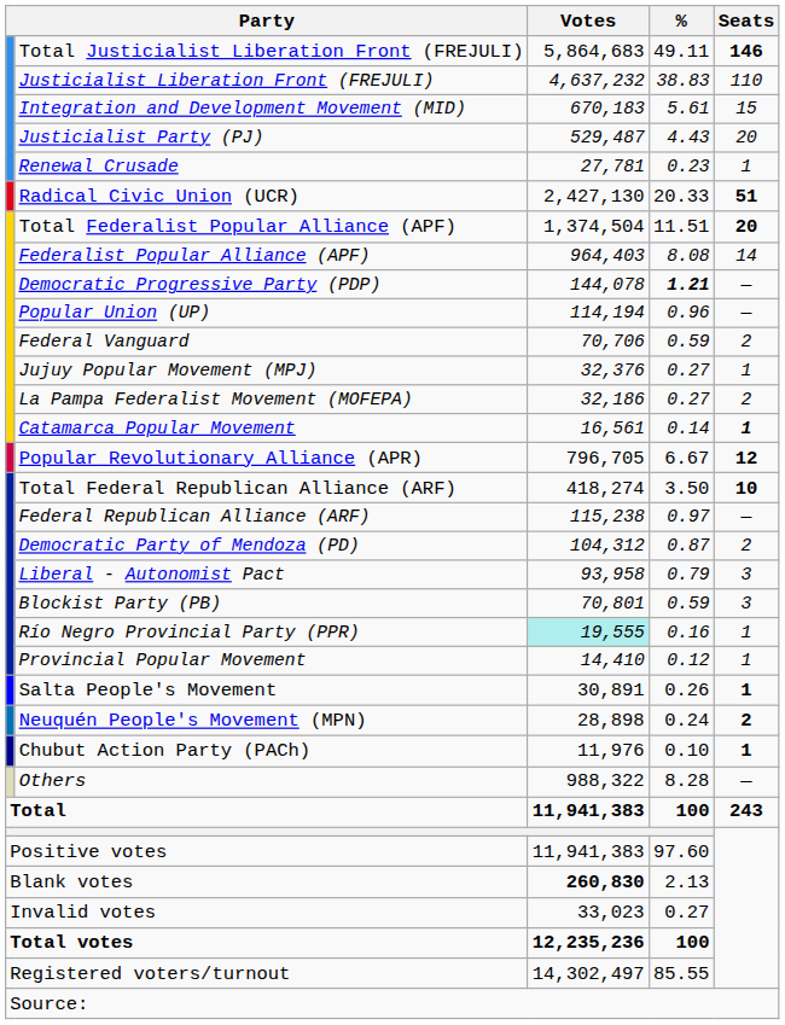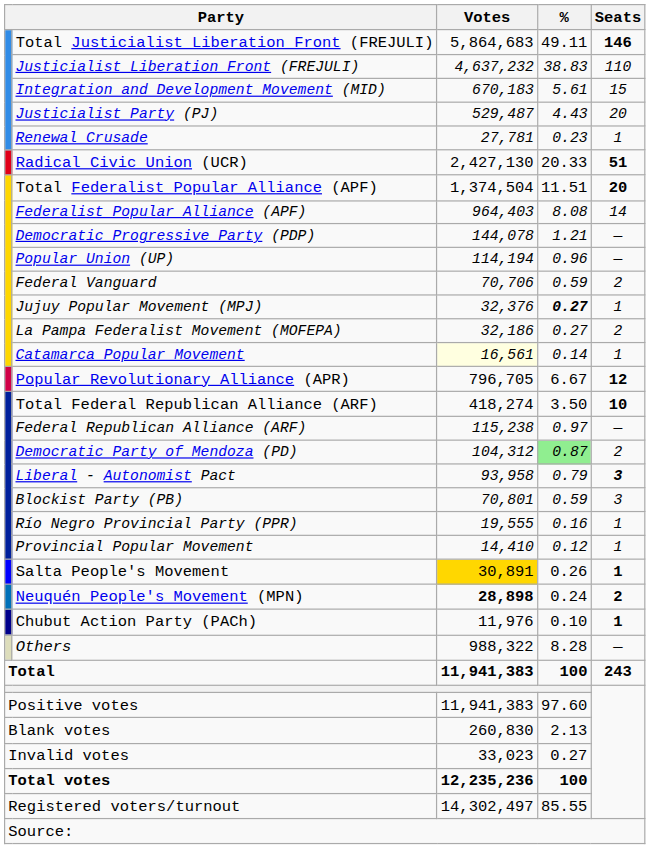 <table class="wikitable" style="text-align:right;">
 <tr>
 <th colspan=2>Party</th>
 <th>Votes</th>
 <th>%</th>
 <th>Seats</th>
 </tr>
 <tr>
 <td bgcolor=#318CE7 rowspan=5></td>
 <td align=left>Total <a href='#'>Justicialist Liberation Front</a> (FREJULI)</td>
 <td>5,864,683</td>
 <td>49.11</td>
 <td align=center><strong>146</strong></td>
 </tr>
 <tr style="font-size: 95%; font-style: italic">
 <td align=left><span><a href='#'>Justicialist Liberation Front</a> (FREJULI)</span></td>
 <td>4,637,232</td>
 <td>38.83</td>
 <td align=center>110</td>
 </tr>
 <tr style="font-size: 95%; font-style: italic">
 <td align=left><span><a href='#'>Integration and Development Movement</a> (MID)</span></td>
 <td>670,183</td>
 <td>5.61</td>
 <td align=center>15</td>
 </tr>
 <tr style="font-size: 95%; font-style: italic">
 <td align=left><span><a href='#'>Justicialist Party</a> (PJ)</span></td>
 <td>529,487</td>
 <td>4.43</td>
 <td align=center>20</td>
 </tr>
 <tr style="font-size: 95%; font-style: italic">
 <td align=left><span><a href='#'>Renewal Crusade</a></span></td>
 <td>27,781</td>
 <td>0.23</td>
 <td align=center>1</td>
 </tr>
 <tr>
 <td bgcolor=#E10019></td>
 <td align=left><a href='#'>Radical Civic Union</a> (UCR)</td>
 <td>2,427,130</td>
 <td>20.33</td>
 <td align=center><strong>51</strong></td>
 </tr>
 <tr>
 <td bgcolor=#FFD700 rowspan=8></td>
 <td align=left>Total <a href='#'>Federalist Popular Alliance</a> (APF)</td>
 <td>1,374,504</td>
 <td>11.51</td>
 <td align=center><strong>20</strong></td>
 </tr>
 <tr style="font-size: 95%; font-style: italic">
 <td align=left><span><a href='#'>Federalist Popular Alliance</a> (APF)</span></td>
 <td>964,403</td>
 <td>8.08</td>
 <td align=center>14</td>
 </tr>
 <tr style="font-size: 95%; font-style: italic">
 <td align=left><span><a href='#'>Democratic Progressive Party</a> (PDP)</span></td>
 <td>144,078</td>
-<td><strong>1.21</strong></td>
+<td>1.21</td>
 <td align=center>—</td>
 </tr>
 <tr style="font-size: 95%; font-style: italic">
 <td align=left><span><a href='#'>Popular Union</a> (UP)</span></td>
 <td>114,194</td>
 <td>0.96</td>
 <td align=center>—</td>
 </tr>
 <tr style="font-size: 95%; font-style: italic">
 <td align=left><span>Federal Vanguard</span></td>
 <td>70,706</td>
 <td>0.59</td>
 <td align=center>2</td>
 </tr>
 <tr style="font-size: 95%; font-style: italic">
 <td align=left><span>Jujuy Popular Movement (MPJ)</span></td>
 <td>32,376</td>
-<td>0.27</td>
+<td><strong>0.27</strong></td>
 <td align=center>1</td>
 </tr>
 <tr style="font-size: 95%; font-style: italic">
 <td align=left><span>La Pampa Federalist Movement (MOFEPA)</span></td>
 <td>32,186</td>
 <td>0.27</td>
 <td align=center>2</td>
 </tr>
 <tr style="font-size: 95%; font-style: italic">
 <td align=left><span><a href='#'>Catamarca Popular Movement</a></span></td>
-<td>16,561</td>
+<td style="background: lightyellow;">16,561</td>
 <td>0.14</td>
-<td align=center><strong>1</strong></td>
+<td align=center>1</td>
 </tr>
 <tr>
 <td bgcolor=#D10047></td>
 <td align=left><a href='#'>Popular Revolutionary Alliance</a> (APR)</td>
 <td>796,705</td>
 <td>6.67</td>
 <td align=center><strong>12</strong></td>
 </tr>
 <tr>
 <td bgcolor=#00209C rowspan=7></td>
 <td align=left>Total Federal Republican Alliance (ARF)</td>
 <td>418,274</td>
 <td>3.50</td>
 <td align=center><strong>10</strong></td>
 </tr>
 <tr style="font-size: 95%; font-style: italic">
 <td align=left><span>Federal Republican Alliance (ARF)</span></td>
 <td>115,238</td>
 <td>0.97</td>
 <td align=center>—</td>
 </tr>
 <tr style="font-size: 95%; font-style: italic">
 <td align=left><span><a href='#'>Democratic Party of Mendoza</a> (PD)</span></td>
 <td>104,312</td>
-<td>0.87</td>
+<td style="background: lightgreen;">0.87</td>
 <td align=center>2</td>
 </tr>
 <tr style="font-size: 95%; font-style: italic">
 <td align=left><span><a href='#'>Liberal</a> - <a href='#'>Autonomist</a> Pact</span></td>
 <td>93,958</td>
 <td>0.79</td>
-<td align=center>3</td>
+<td align=center><strong>3</strong></td>
 </tr>
 <tr style="font-size: 95%; font-style: italic">
 <td align=left><span>Blockist Party (PB)</span></td>
 <td>70,801</td>
 <td>0.59</td>
 <td align=center>3</td>
 </tr>
 <tr style="font-size: 95%; font-style: italic">
 <td align=left><span>Río Negro Provincial Party (PPR)</span></td>
-<td style="background: paleturquoise;">19,555</td>
+<td>19,555</td>
 <td>0.16</td>
 <td align=center>1</td>
 </tr>
 <tr style="font-size: 95%; font-style: italic">
 <td align=left><span>Provincial Popular Movement</span></td>
 <td>14,410</td>
 <td>0.12</td>
 <td align=center>1</td>
 </tr>
 <tr>
 <td bgcolor=blue></td>
 <td align=left>Salta People's Movement</td>
-<td>30,891</td>
+<td style="background: gold;">30,891</td>
 <td>0.26</td>
 <td align=center><strong>1</strong></td>
 </tr>
 <tr>
 <td bgcolor=#0070B8></td>
 <td align=left><a href='#'>Neuquén People's Movement</a> (MPN)</td>
-<td>28,898</td>
+<td><strong>28,898</strong></td>
 <td>0.24</td>
 <td align=center><strong>2</strong></td>
 </tr>
 <tr>
 <td bgcolor=darkblue></td>
 <td align=left>Chubut Action Party (PACh)</td>
 <td>11,976</td>
 <td>0.10</td>
 <td align=center><strong>1</strong></td>
 </tr>
 <tr>
 <td bgcolor=#DDDDBB></td>
 <td align=left><em>Others</em></td>
 <td>988,322</td>
 <td>8.28</td>
 <td align=center>—</td>
 </tr>
 <tr style="font-weight:bold">
 <td colspan=2 align=left>Total</td>
 <td>11,941,383</td>
 <td>100</td>
 <td align=center><strong>243</strong></td>
 </tr>
 <tr>
 <th colspan=4></th>
 <td rowspan=6 colspan=2></td>
 </tr>
 <tr>
 <td colspan=2 align=left>Positive votes</td>
 <td>11,941,383</td>
 <td>97.60</td>
 </tr>
 <tr>
 <td colspan=2 align=left>Blank votes</td>
-<td><strong>260,830</strong></td>
+<td>260,830</td>
 <td>2.13</td>
 </tr>
 <tr>
 <td colspan=2 align=left>Invalid votes</td>
 <td>33,023</td>
 <td>0.27</td>
 </tr>
 <tr style="font-weight:bold">
 <td colspan=2 align=left>Total votes</td>
 <td>12,235,236</td>
 <td>100</td>
 </tr>
 <tr>
 <td colspan=2 align=left>Registered voters/turnout</td>
 <td>14,302,497</td>
 <td>85.55</td>
 </tr>
 <tr>
 <td colspan=5 align=left>Source:</td>
 </tr>
 </table>
